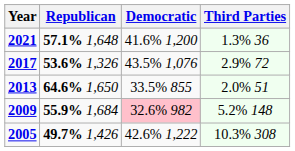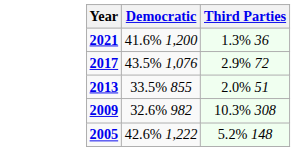 <table class="wikitable" style="float:right; font-size:95%;">
 <tr bgcolor=lightgrey>
 <th>Year</th>
-<th><a href='#'>Republican</a></th>
 <th><a href='#'>Democratic</a></th>
 <th><a href='#'>Third Parties</a></th>
 </tr>
 <tr>
 <td style="text-align:center; "><strong><a href='#'>2021</a></strong></td>
-<td style="text-align:center; "><strong>57.1%</strong> <em>1,648</em></td>
 <td style="text-align:center; ">41.6%  <em>1,200</em></td>
 <td style="text-align:center; background:honeyDew;">1.3% <em>36</em></td>
 </tr>
 <tr>
 <td style="text-align:center; "><strong><a href='#'>2017</a></strong></td>
-<td style="text-align:center; "><strong>53.6%</strong> <em>1,326</em></td>
 <td style="text-align:center; ">43.5%  <em>1,076</em></td>
 <td style="text-align:center; background:honeyDew;">2.9% <em>72</em></td>
 </tr>
 <tr>
 <td style="text-align:center; "><strong><a href='#'>2013</a></strong></td>
-<td style="text-align:center; "><strong>64.6%</strong> <em>1,650</em></td>
 <td style="text-align:center; ">33.5%  <em>855</em></td>
 <td style="text-align:center; background:honeyDew;">2.0% <em>51</em></td>
 </tr>
 <tr>
 <td style="text-align:center; "><strong><a href='#'>2009</a></strong></td>
-<td style="text-align:center; "><strong>55.9%</strong> <em>1,684</em></td>
-<td style="background: pink; text-align:center; ">32.6%  <em>982</em></td>
-<td style="text-align:center; background:honeyDew;">5.2% <em>148</em></td>
+<td style="text-align:center; ">32.6%  <em>982</em></td>
+<td style="text-align:center; background:honeyDew;">10.3% <em>308</em></td>
 </tr>
 <tr>
 <td style="text-align:center; "><strong><a href='#'>2005</a></strong></td>
-<td style="text-align:center; "><strong>49.7%</strong> <em>1,426</em></td>
 <td style="text-align:center; ">42.6%  <em>1,222</em></td>
-<td style="text-align:center; background:honeyDew;">10.3% <em>308</em></td>
+<td style="text-align:center; background:honeyDew;">5.2% <em>148</em></td>
 </tr>
 </table>
